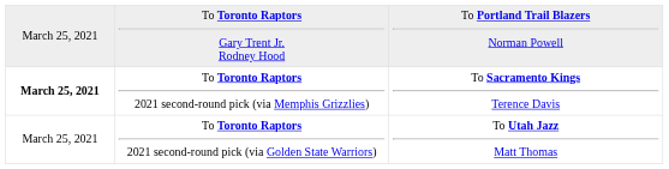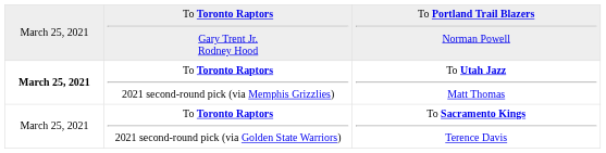 <table border=1 style="border-collapse:collapse; text-align: center; width: 100%" bordercolor="#DFDFDF"  cellpadding="5">
 <tr style="background:#eee;">
 <td style="width:12%">March 25, 2021</td>
 <td style="width:30%" valign="top">To <strong><a href='#'>Toronto Raptors</a></strong><hr><a href='#'>Gary Trent Jr.</a><br><a href='#'>Rodney Hood</a></td>
 <td style="width:30%" valign="top">To <strong><a href='#'>Portland Trail Blazers</a></strong><hr><a href='#'>Norman Powell</a></td>
 </tr>
 <tr>
 <td style="width:12%"><strong>March 25, 2021</strong></td>
 <td style="width:30%" valign="top">To <strong><a href='#'>Toronto Raptors</a></strong><hr>2021 second-round pick (via <a href='#'>Memphis Grizzlies</a>)</td>
-<td style="width:30%" valign="top">To <strong><a href='#'>Sacramento Kings</a></strong><hr><a href='#'>Terence Davis</a></td>
+<td style="width:30%" valign="top">To <strong><a href='#'>Utah Jazz</a></strong><hr><a href='#'>Matt Thomas</a></td>
 </tr>
 <tr>
 <td style="width:12%">March 25, 2021</td>
 <td style="width:30%" valign="top">To <strong><a href='#'>Toronto Raptors</a></strong><hr>2021 second-round pick (via <a href='#'>Golden State Warriors</a>)</td>
-<td style="width:30%" valign="top">To <strong><a href='#'>Utah Jazz</a></strong><hr><a href='#'>Matt Thomas</a></td>
+<td style="width:30%" valign="top">To <strong><a href='#'>Sacramento Kings</a></strong><hr><a href='#'>Terence Davis</a></td>
 </tr>
 </table>
